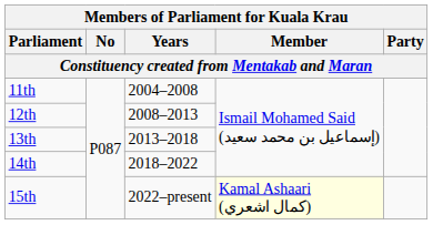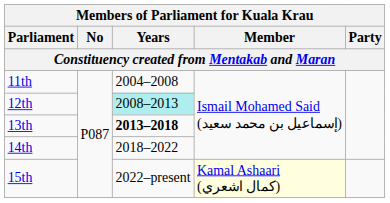 <table class=wikitable>
 <tr>
 <th colspan="5">Members of Parliament for Kuala Krau</th>
 </tr>
 <tr>
 <th>Parliament</th>
 <th>No</th>
 <th>Years</th>
 <th>Member</th>
 <th>Party</th>
 </tr>
 <tr>
 <th colspan="5" align="center"><em>Constituency created from <a href='#'>Mentakab</a> and <a href='#'>Maran</a></em></th>
 </tr>
 <tr>
 <td><a href='#'>11th</a></td>
 <td rowspan="5">P087</td>
 <td>2004–2008</td>
 <td rowspan=4><a href='#'>Ismail Mohamed Said</a>  <br>(إسماعيل بن محمد سعيد)</td>
 <td rowspan=4></td>
 </tr>
 <tr>
 <td><a href='#'>12th</a></td>
-<td>2008–2013</td>
+<td style="background: paleturquoise;">2008–2013</td>
 </tr>
 <tr>
 <td><a href='#'>13th</a></td>
-<td>2013–2018</td>
+<td><strong>2013–2018</strong></td>
 </tr>
 <tr>
 <td><a href='#'>14th</a></td>
 <td>2018–2022</td>
 </tr>
 <tr>
 <td><a href='#'>15th</a></td>
 <td>2022–present</td>
 <td style="background: lightyellow;"><a href='#'>Kamal Ashaari</a> <br> (كمال اشعري)</td>
 <td></td>
 </tr>
 </table>
